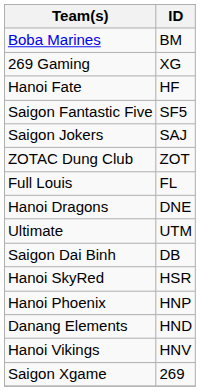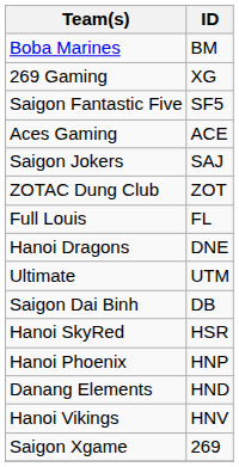 <table class="wikitable">
 <tr>
 <th>Team(s)</th>
 <th>ID</th>
 </tr>
 <tr>
 <td> <a href='#'>Boba Marines</a></td>
 <td>BM</td>
 </tr>
 <tr>
 <td> 269 Gaming</td>
 <td>XG</td>
 </tr>
 <tr>
-<td> Hanoi Fate</td>
-<td>HF</td>
+<td> Saigon Fantastic Five</td>
+<td>SF5</td>
 </tr>
 <tr>
-<td> Saigon Fantastic Five</td>
-<td>SF5</td>
+<td> Aces Gaming</td>
+<td>ACE</td>
 </tr>
 <tr>
 <td> Saigon Jokers</td>
 <td>SAJ</td>
 </tr>
 <tr>
 <td> ZOTAC Dung Club</td>
 <td>ZOT</td>
 </tr>
 <tr>
 <td> Full Louis</td>
 <td>FL</td>
 </tr>
 <tr>
 <td> Hanoi Dragons</td>
 <td>DNE</td>
 </tr>
 <tr>
 <td> Ultimate</td>
 <td>UTM</td>
 </tr>
 <tr>
 <td> Saigon Dai Binh</td>
 <td>DB</td>
 </tr>
 <tr>
 <td> ⁠Hanoi SkyRed</td>
 <td>HSR</td>
 </tr>
 <tr>
 <td> Hanoi Phoenix</td>
 <td>HNP</td>
 </tr>
 <tr>
 <td> ⁠Danang Elements</td>
 <td>HND</td>
 </tr>
 <tr>
 <td> Hanoi Vikings</td>
 <td>HNV</td>
 </tr>
 <tr>
 <td> Saigon Xgame</td>
 <td>269</td>
 </tr>
 <tr>
 </tr>
 </table>
